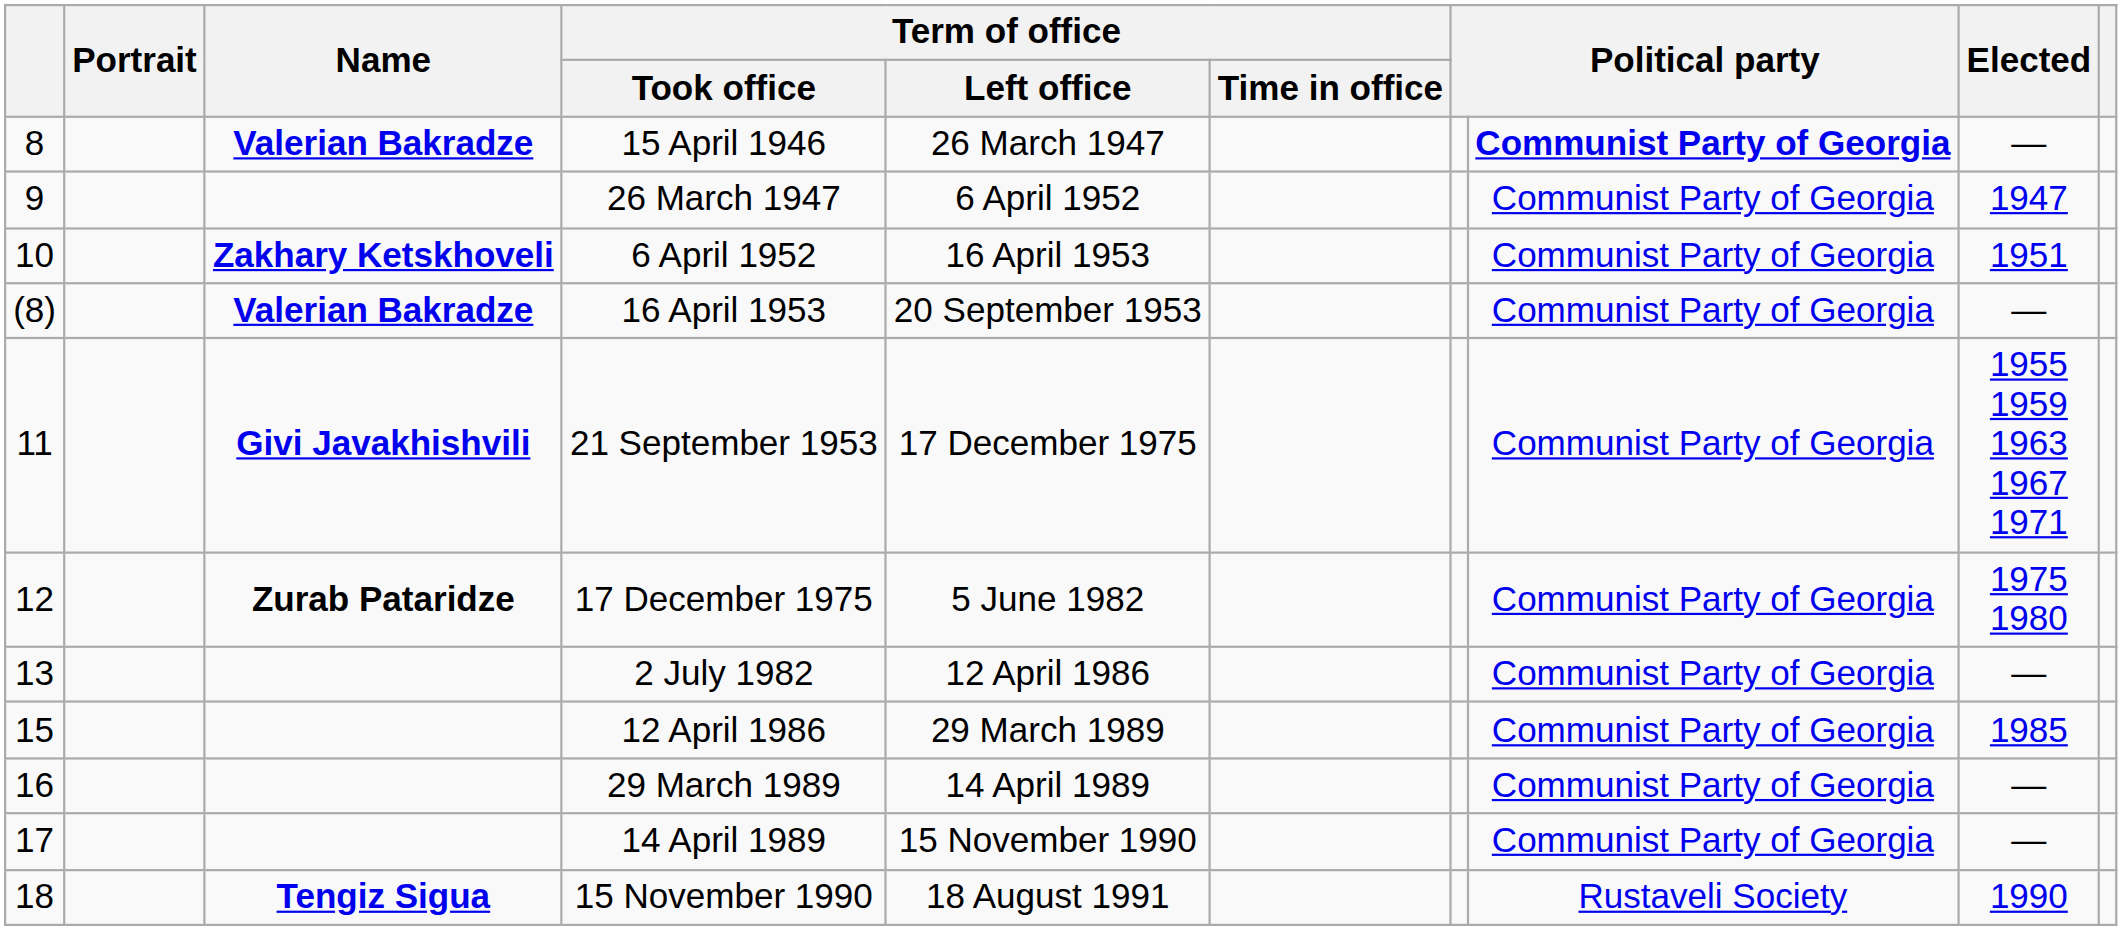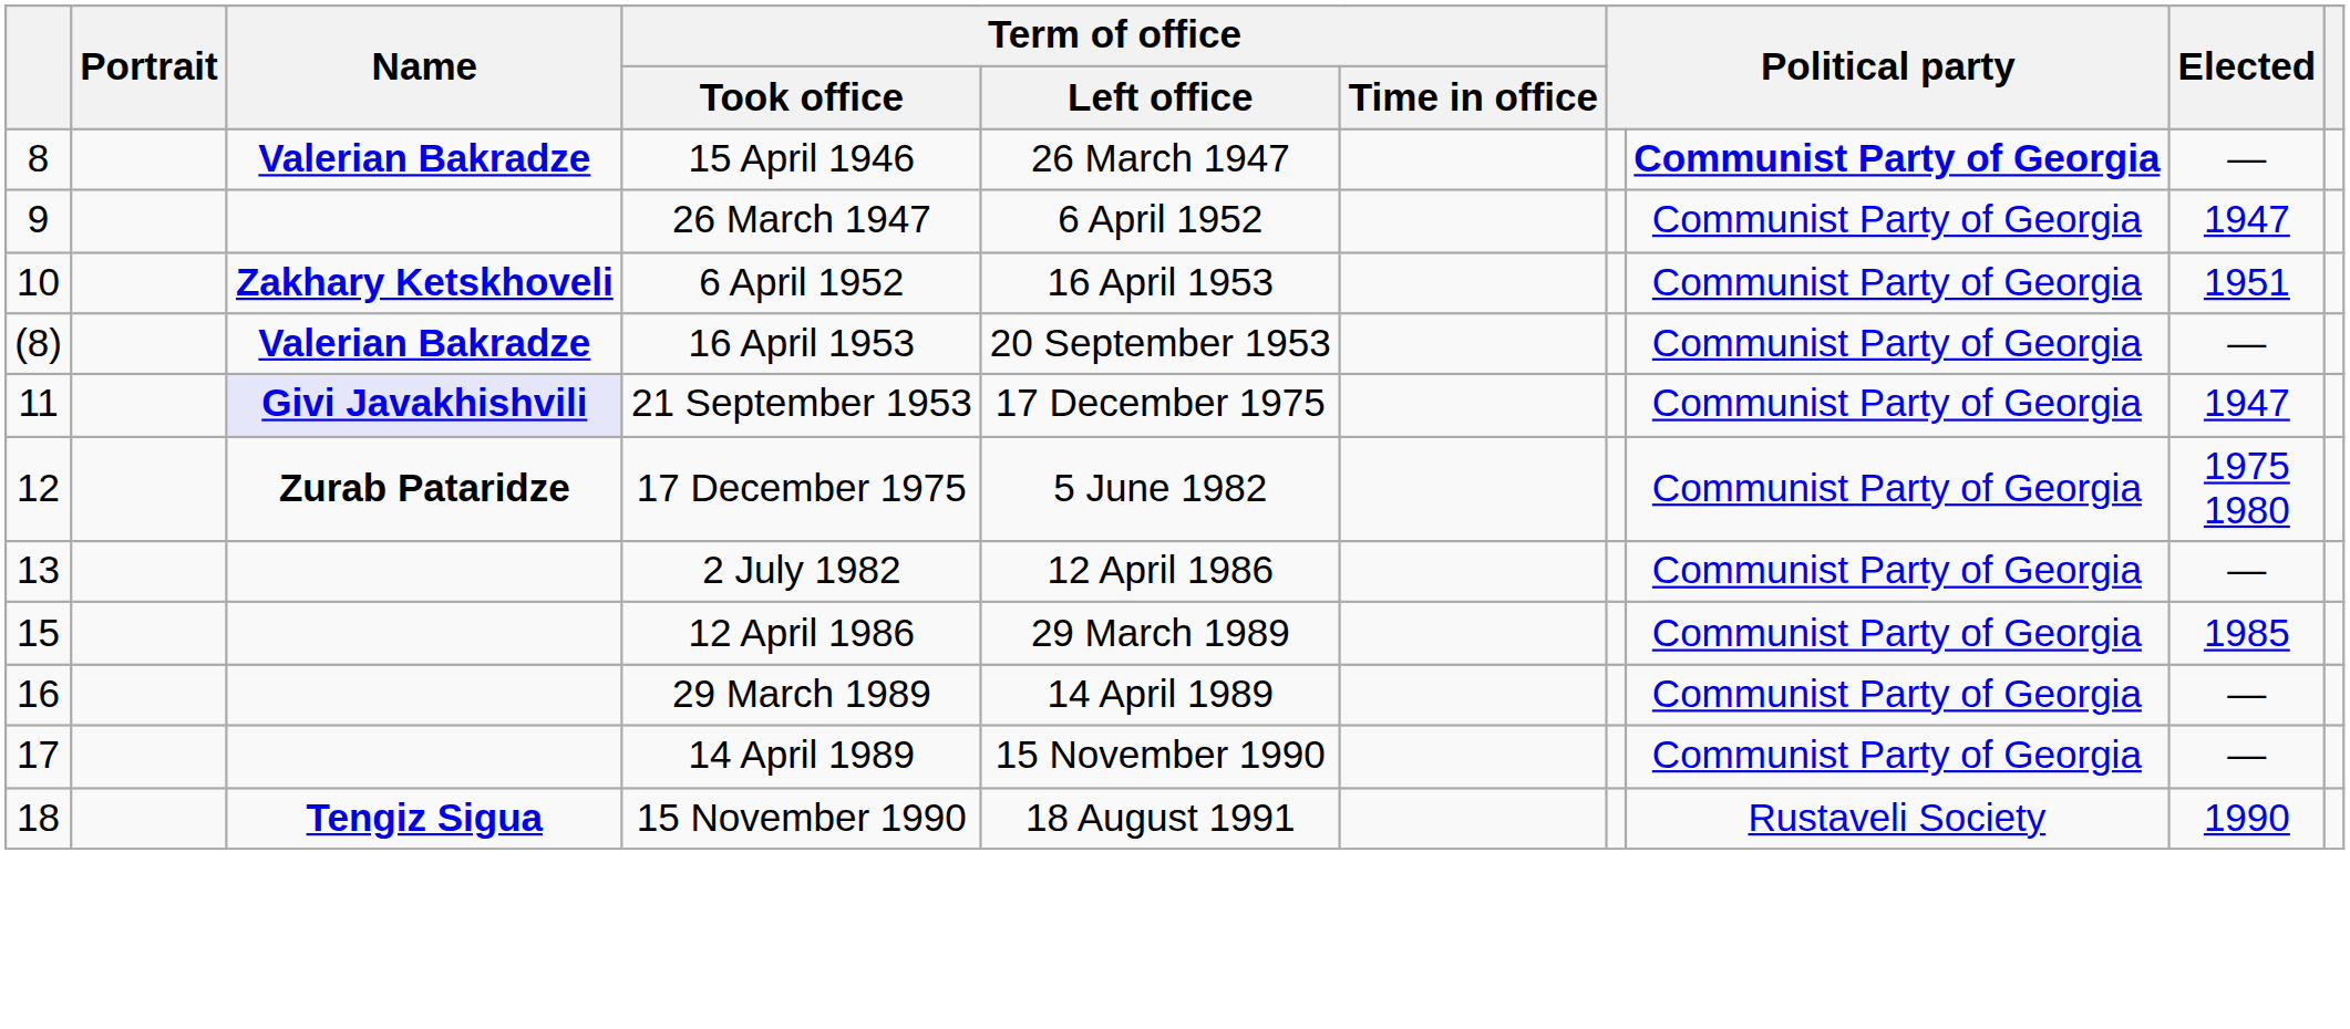 <table class="wikitable" style="text-align:center">
 <tr>
 <th rowspan=2></th>
 <th rowspan=2>Portrait</th>
 <th rowspan=2>Name<br></th>
 <th colspan=3>Term of office</th>
 <th colspan=2 rowspan=2>Political party</th>
 <th rowspan=2>Elected</th>
 <th rowspan=2></th>
 </tr>
 <tr>
 <th>Took office</th>
 <th>Left office</th>
 <th>Time in office</th>
 </tr>
 <tr>
 <td>8</td>
 <td></td>
 <td><strong><a href='#'>Valerian Bakradze</a></strong><br></td>
 <td>15 April 1946</td>
 <td>26 March 1947</td>
 <td></td>
 <td style="background:"></td>
 <td><strong><a href='#'>Communist Party of Georgia</a></strong></td>
 <td>—</td>
 <td></td>
 </tr>
 <tr>
 <td>9</td>
 <td></td>
 <td><strong></strong><br></td>
 <td>26 March 1947</td>
 <td>6 April 1952</td>
 <td></td>
 <td style="background:"></td>
 <td><a href='#'>Communist Party of Georgia</a></td>
 <td><a href='#'>1947</a></td>
 <td></td>
 </tr>
 <tr>
 <td>10</td>
 <td></td>
 <td><strong><a href='#'>Zakhary Ketskhoveli</a></strong><br></td>
 <td>6 April 1952</td>
 <td>16 April 1953</td>
 <td></td>
 <td style="background:"></td>
 <td><a href='#'>Communist Party of Georgia</a></td>
 <td><a href='#'>1951</a></td>
 <td></td>
 </tr>
 <tr>
 <td>(8)</td>
 <td></td>
 <td><strong><a href='#'>Valerian Bakradze</a></strong><br></td>
 <td>16 April 1953</td>
 <td>20 September 1953</td>
 <td></td>
 <td style="background:"></td>
 <td><a href='#'>Communist Party of Georgia</a></td>
 <td>—</td>
 <td></td>
 </tr>
 <tr>
 <td>11</td>
 <td></td>
-<td><strong><a href='#'>Givi Javakhishvili</a></strong><br></td>
+<td style="background: lavender;"><strong><a href='#'>Givi Javakhishvili</a></strong><br></td>
 <td>21 September 1953</td>
 <td>17 December 1975</td>
 <td></td>
 <td style="background:"></td>
 <td><a href='#'>Communist Party of Georgia</a></td>
-<td><a href='#'>1955</a><br><a href='#'>1959</a><br><a href='#'>1963</a><br><a href='#'>1967</a><br><a href='#'>1971</a></td>
+<td><a href='#'>1947</a></td>
 <td></td>
 </tr>
 <tr>
 <td>12</td>
 <td></td>
 <td><strong>Zurab Pataridze</strong><br></td>
 <td>17 December 1975</td>
 <td>5 June 1982</td>
 <td></td>
 <td style="background:"></td>
 <td><a href='#'>Communist Party of Georgia</a></td>
 <td><a href='#'>1975</a><br><a href='#'>1980</a></td>
 <td></td>
 </tr>
 <tr>
 <td>13</td>
 <td></td>
 <td><strong></strong><br></td>
 <td>2 July 1982</td>
 <td>12 April 1986</td>
 <td></td>
 <td style="background:"></td>
 <td><a href='#'>Communist Party of Georgia</a></td>
 <td>—</td>
 <td></td>
 </tr>
 <tr>
 <td>15</td>
 <td></td>
 <td><strong></strong><br></td>
 <td>12 April 1986</td>
 <td>29 March 1989</td>
 <td></td>
 <td style="background:"></td>
 <td><a href='#'>Communist Party of Georgia</a></td>
 <td><a href='#'>1985</a></td>
 <td></td>
 </tr>
 <tr>
 <td>16</td>
 <td></td>
 <td><strong></strong><br></td>
 <td>29 March 1989</td>
 <td>14 April 1989</td>
 <td></td>
 <td style="background:"></td>
 <td><a href='#'>Communist Party of Georgia</a></td>
 <td>—</td>
 <td></td>
 </tr>
 <tr>
 <td>17</td>
 <td></td>
 <td><strong></strong><br></td>
 <td>14 April 1989</td>
 <td>15 November 1990</td>
 <td></td>
 <td style="background:"></td>
 <td><a href='#'>Communist Party of Georgia</a></td>
 <td>—</td>
 <td></td>
 </tr>
 <tr>
 <td>18</td>
 <td></td>
 <td><strong><a href='#'>Tengiz Sigua</a></strong><br></td>
 <td>15 November 1990</td>
 <td>18 August 1991</td>
 <td></td>
 <td style="background:"></td>
 <td><a href='#'>Rustaveli Society</a></td>
 <td><a href='#'>1990</a></td>
 <td></td>
 </tr>
 </table>
